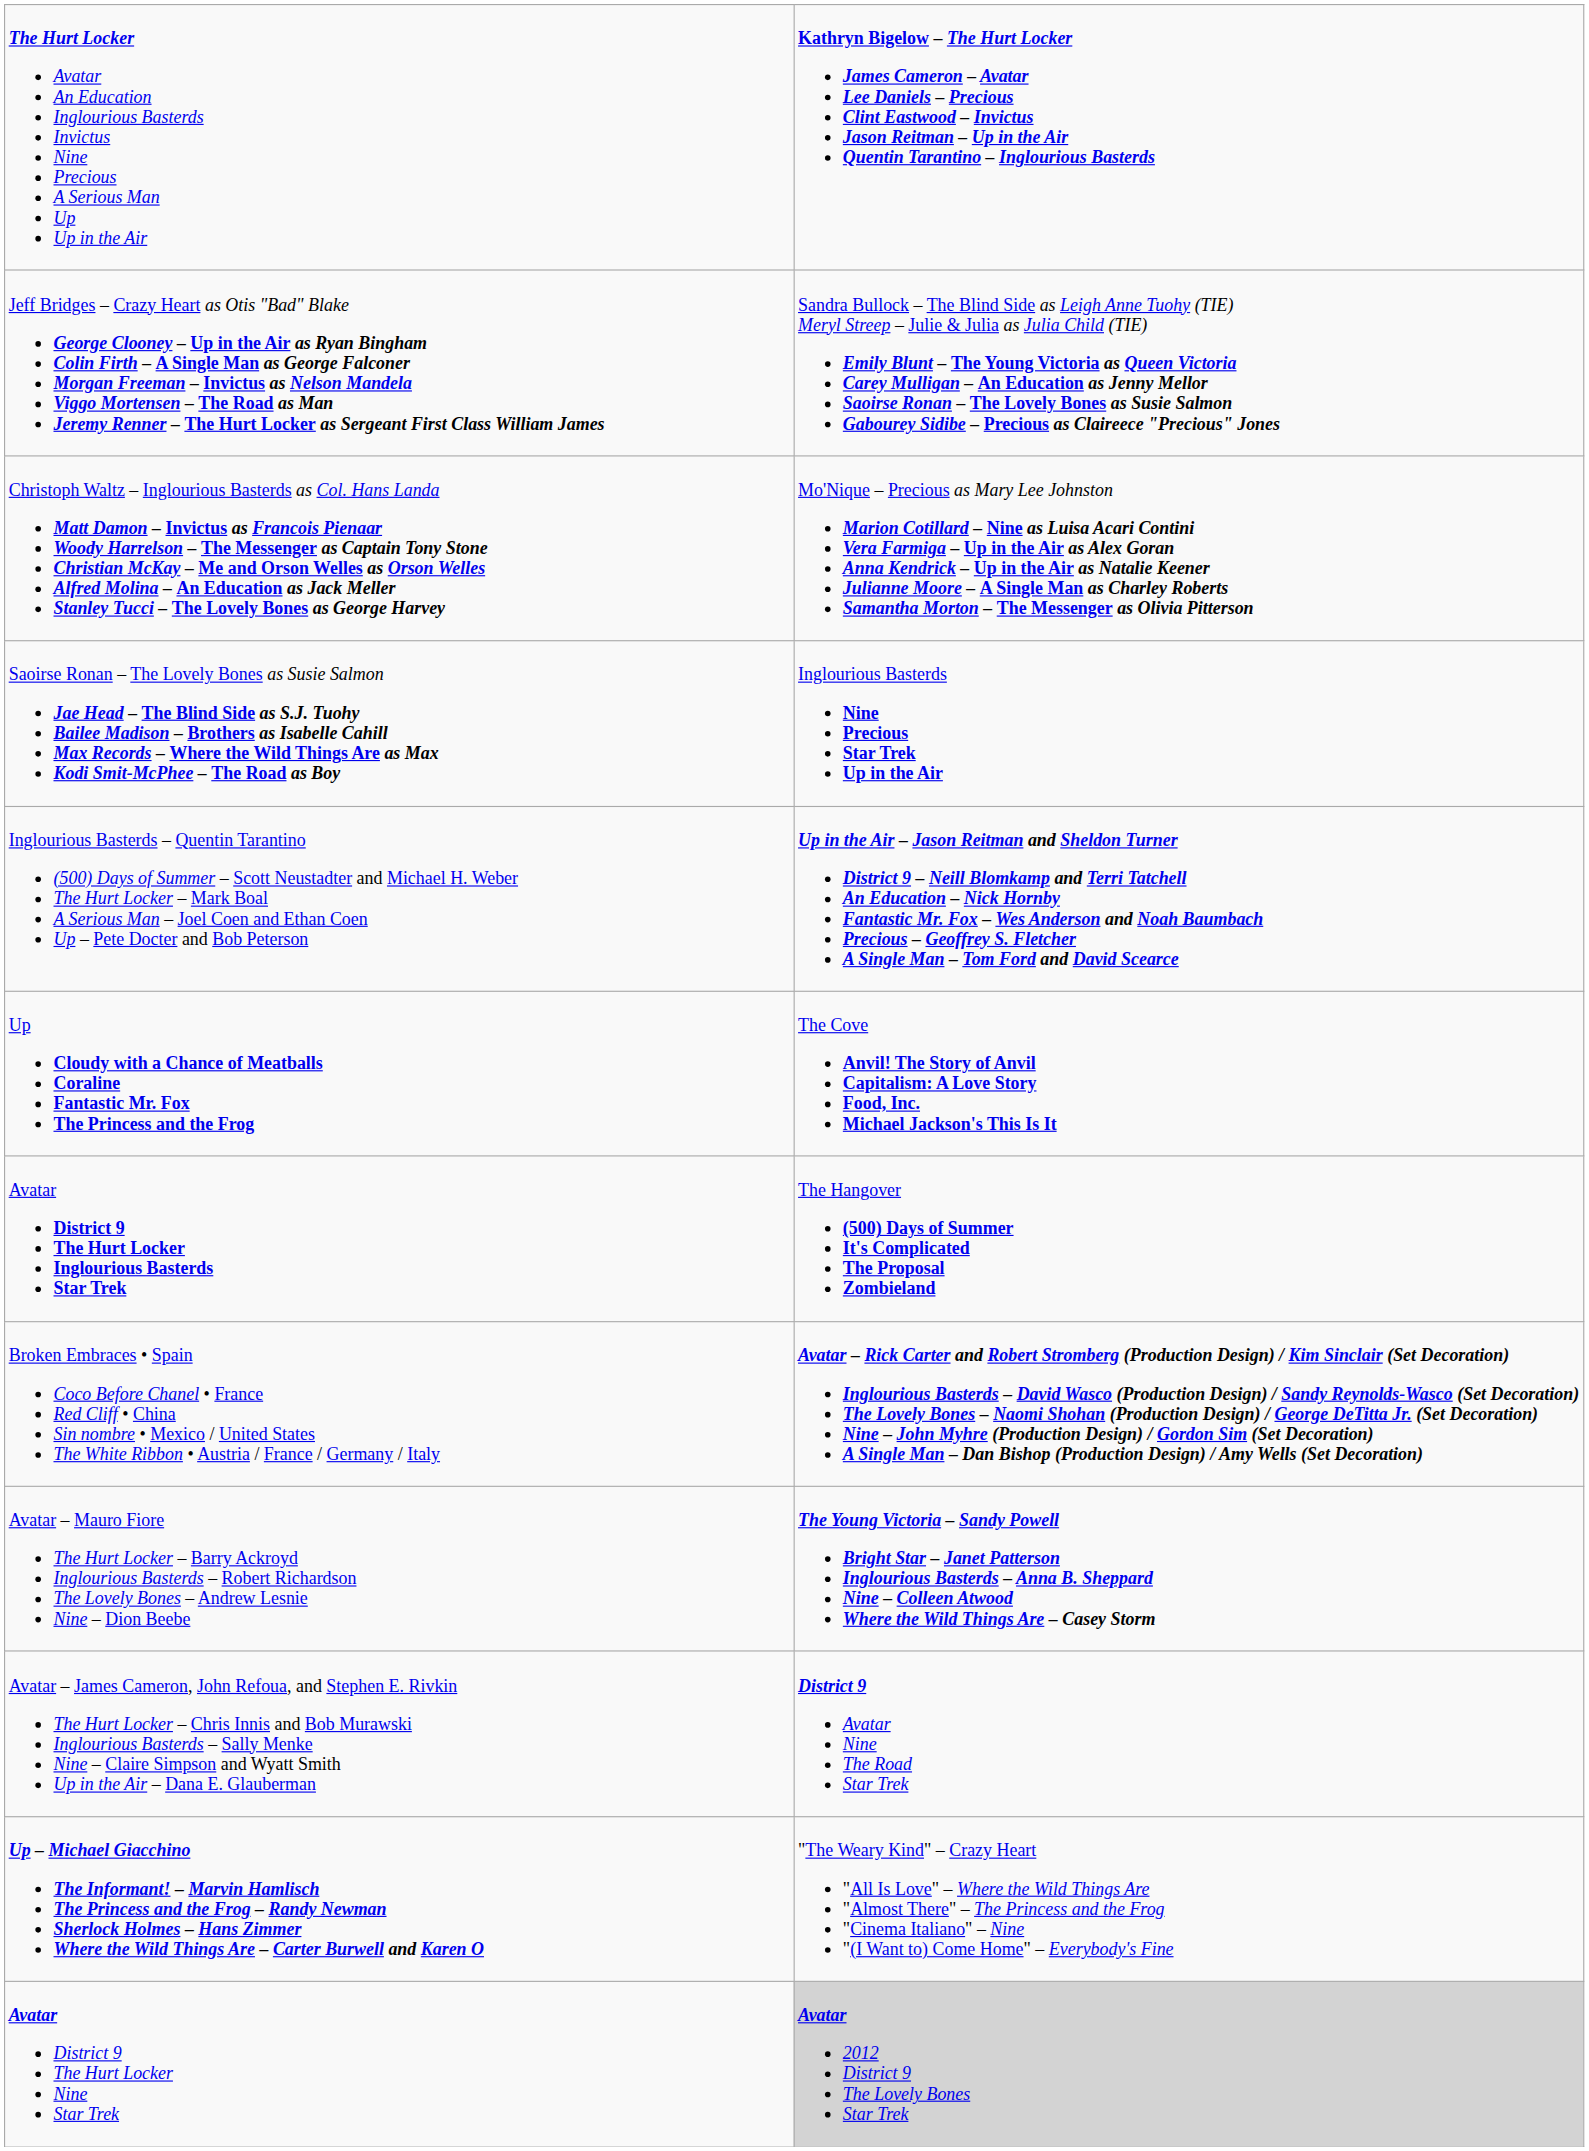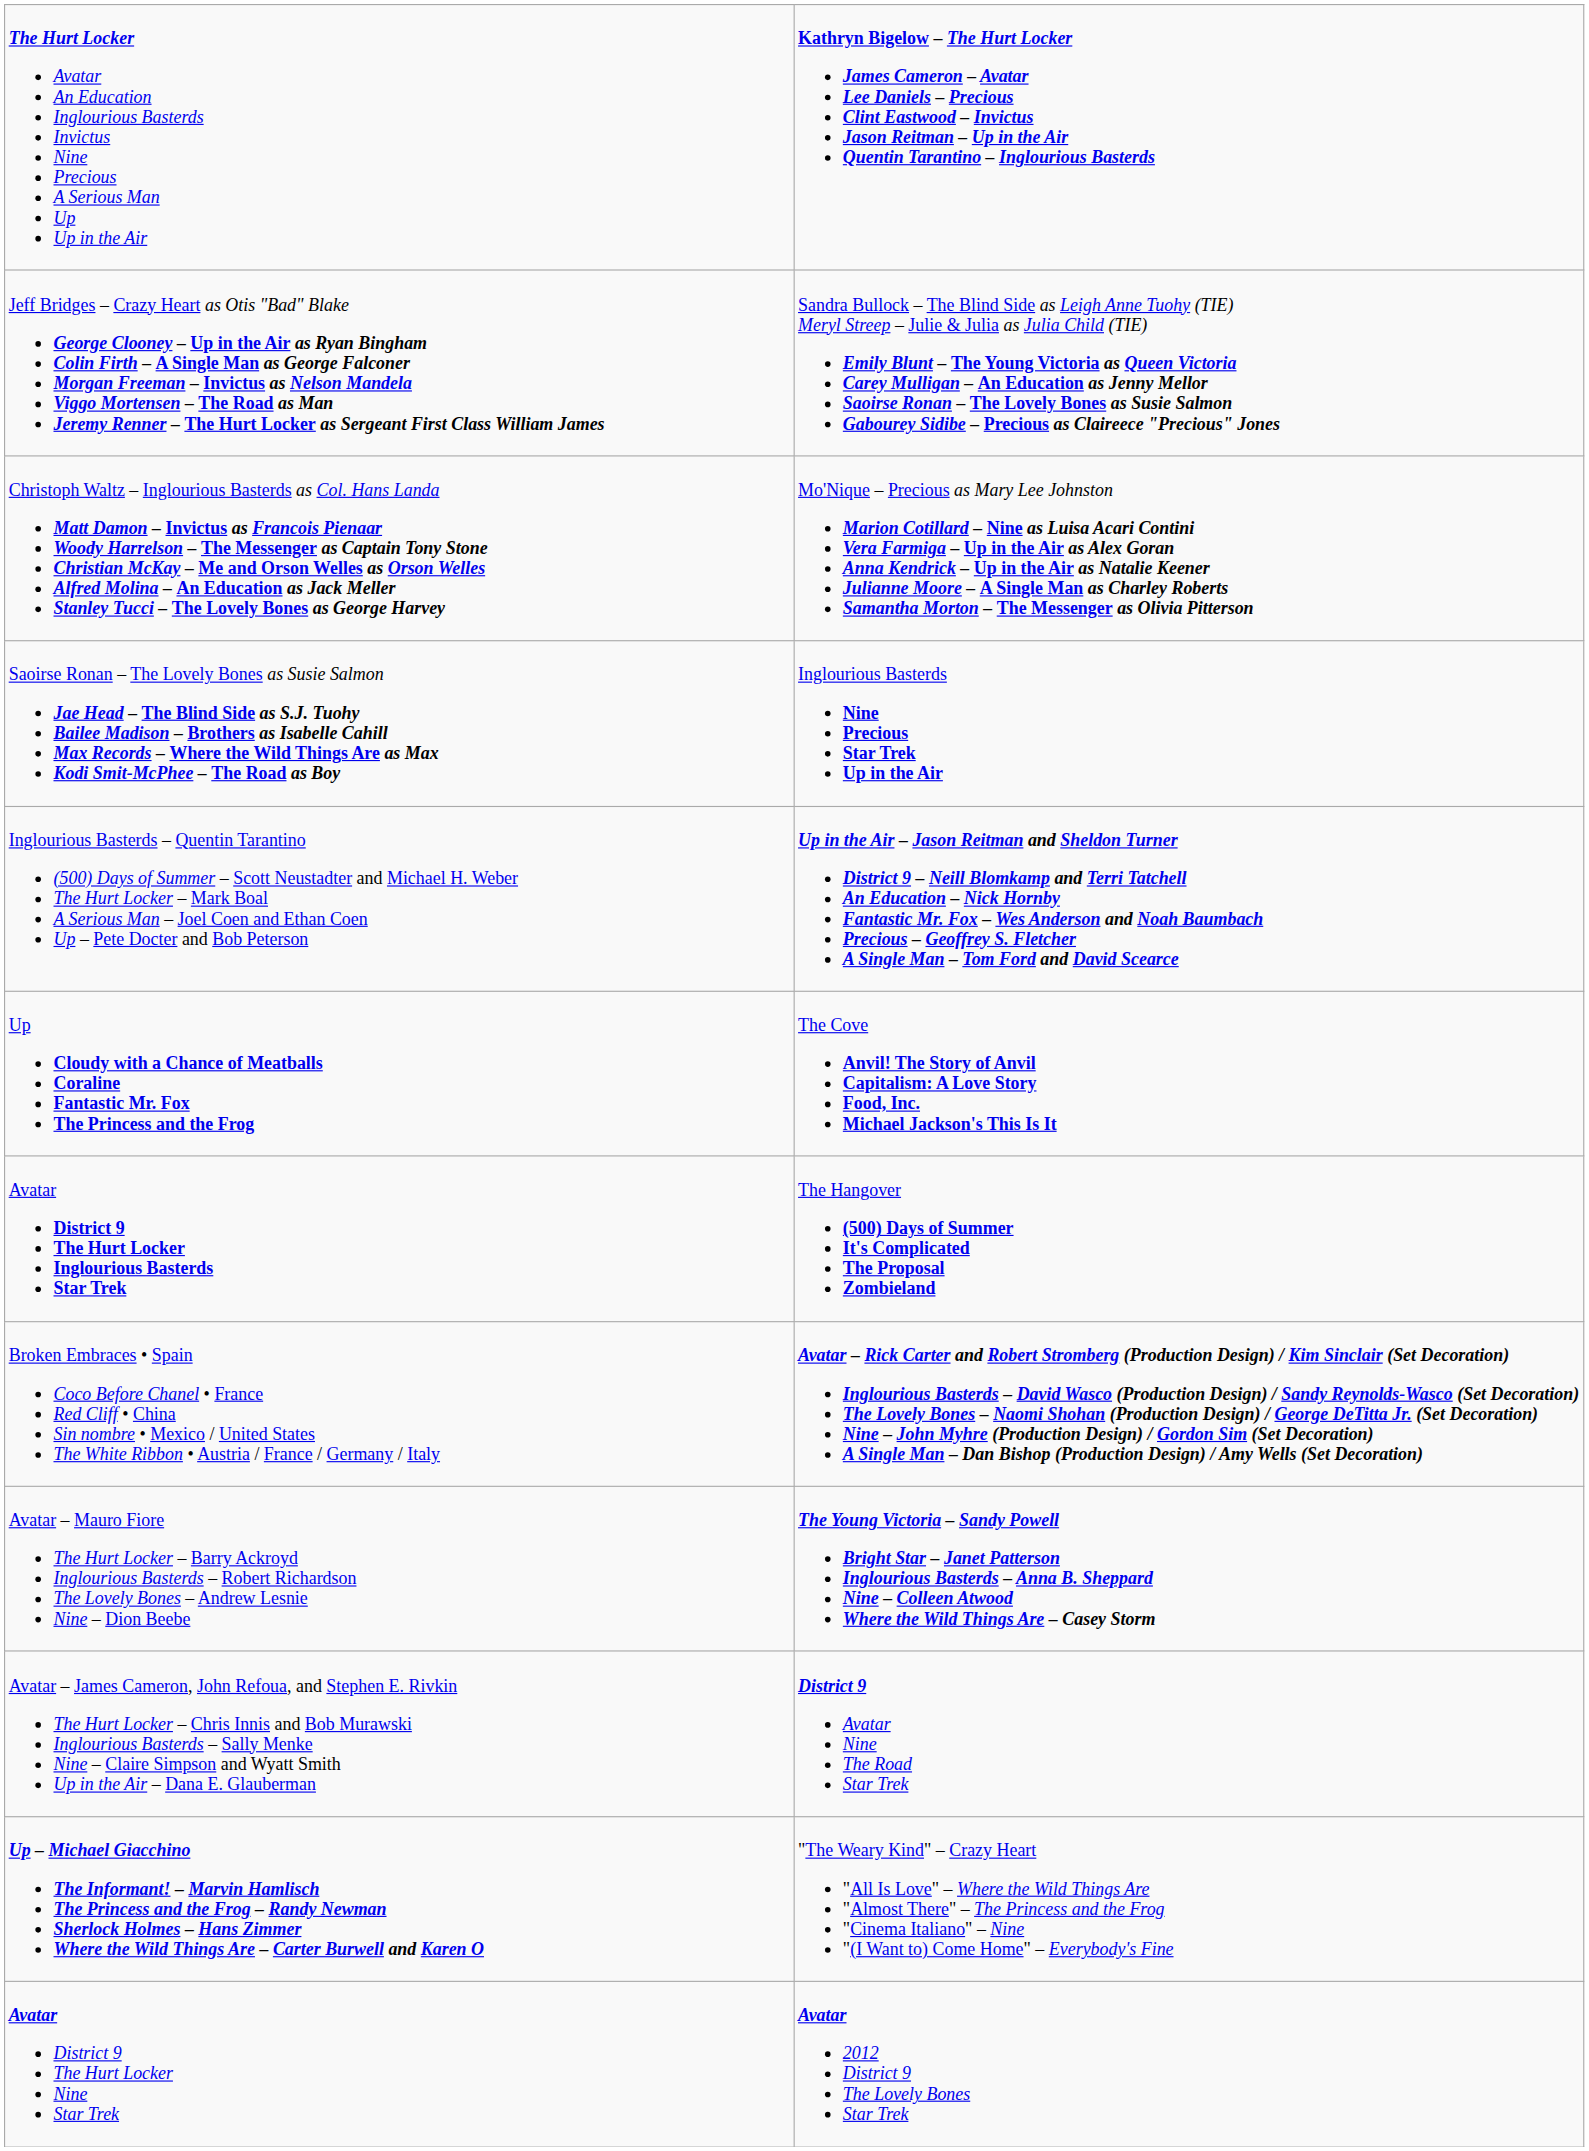 <table class=wikitable>
 <tr>
 <td valign="top" width="50%"><br><strong><em><a href='#'>The Hurt Locker</a></em></strong><ul><li><em><a href='#'>Avatar</a></em></li><li><em><a href='#'>An Education</a></em></li><li><em><a href='#'>Inglourious Basterds</a></em></li><li><em><a href='#'>Invictus</a></em></li><li><em><a href='#'>Nine</a></em></li><li><em><a href='#'>Precious</a></em></li><li><em><a href='#'>A Serious Man</a></em></li><li><em><a href='#'>Up</a></em></li><li><em><a href='#'>Up in the Air</a></em></li></ul></td>
 <td valign="top" width="50%"><br><strong><a href='#'>Kathryn Bigelow</a> – <em><a href='#'>The Hurt Locker</a><strong><em><ul><li><a href='#'>James Cameron</a> – </em><a href='#'>Avatar</a><em></li><li><a href='#'>Lee Daniels</a> – </em><a href='#'>Precious</a><em></li><li><a href='#'>Clint Eastwood</a> – </em><a href='#'>Invictus</a><em></li><li><a href='#'>Jason Reitman</a> – </em><a href='#'>Up in the Air</a><em></li><li><a href='#'>Quentin Tarantino</a> – </em><a href='#'>Inglourious Basterds</a><em></li></ul></td>
 </tr>
 <tr>
 <td valign="top" width="50%"><br></strong><a href='#'>Jeff Bridges</a> – </em><a href='#'>Crazy Heart</a><em> as Otis "Bad" Blake<strong><ul><li><a href='#'>George Clooney</a> – </em><a href='#'>Up in the Air</a><em> as Ryan Bingham</li><li><a href='#'>Colin Firth</a> – </em><a href='#'>A Single Man</a><em> as George Falconer</li><li><a href='#'>Morgan Freeman</a> – </em><a href='#'>Invictus</a><em> as <a href='#'>Nelson Mandela</a></li><li><a href='#'>Viggo Mortensen</a> – </em><a href='#'>The Road</a><em> as Man</li><li><a href='#'>Jeremy Renner</a> – </em><a href='#'>The Hurt Locker</a><em> as Sergeant First Class William James</li></ul></td>
 <td valign="top" width="50%"><br></strong><a href='#'>Sandra Bullock</a> – </em><a href='#'>The Blind Side</a><em> as <a href='#'>Leigh Anne Tuohy</a> (TIE)<br><a href='#'>Meryl Streep</a> – </em><a href='#'>Julie & Julia</a><em> as <a href='#'>Julia Child</a> (TIE)<strong><ul><li><a href='#'>Emily Blunt</a> – </em><a href='#'>The Young Victoria</a><em> as <a href='#'>Queen Victoria</a></li><li><a href='#'>Carey Mulligan</a> – </em><a href='#'>An Education</a><em> as Jenny Mellor</li><li><a href='#'>Saoirse Ronan</a> – </em><a href='#'>The Lovely Bones</a><em> as Susie Salmon</li><li><a href='#'>Gabourey Sidibe</a> – </em><a href='#'>Precious</a><em> as Claireece "Precious" Jones</li></ul></td>
 </tr>
 <tr>
 <td valign="top" width="50%"><br></strong><a href='#'>Christoph Waltz</a> – </em><a href='#'>Inglourious Basterds</a><em> as <a href='#'>Col. Hans Landa</a><strong><ul><li><a href='#'>Matt Damon</a> – </em><a href='#'>Invictus</a><em> as <a href='#'>Francois Pienaar</a></li><li><a href='#'>Woody Harrelson</a> – </em><a href='#'>The Messenger</a><em> as Captain Tony Stone</li><li><a href='#'>Christian McKay</a> – </em><a href='#'>Me and Orson Welles</a><em> as <a href='#'>Orson Welles</a></li><li><a href='#'>Alfred Molina</a> – </em><a href='#'>An Education</a><em> as Jack Meller</li><li><a href='#'>Stanley Tucci</a> – </em><a href='#'>The Lovely Bones</a><em> as George Harvey</li></ul></td>
 <td valign="top" width="50%"><br></strong><a href='#'>Mo'Nique</a> – </em><a href='#'>Precious</a><em> as Mary Lee Johnston<strong><ul><li><a href='#'>Marion Cotillard</a> – </em><a href='#'>Nine</a><em> as Luisa Acari Contini</li><li><a href='#'>Vera Farmiga</a> – </em><a href='#'>Up in the Air</a><em> as Alex Goran</li><li><a href='#'>Anna Kendrick</a> – </em><a href='#'>Up in the Air</a><em> as Natalie Keener</li><li><a href='#'>Julianne Moore</a> – </em><a href='#'>A Single Man</a><em> as Charley Roberts</li><li><a href='#'>Samantha Morton</a> – </em><a href='#'>The Messenger</a><em> as Olivia Pitterson</li></ul></td>
 </tr>
 <tr>
 <td valign="top" width="50%"><br></strong><a href='#'>Saoirse Ronan</a> – </em><a href='#'>The Lovely Bones</a><em> as Susie Salmon<strong><ul><li><a href='#'>Jae Head</a> – </em><a href='#'>The Blind Side</a><em> as S.J. Tuohy</li><li><a href='#'>Bailee Madison</a> – </em><a href='#'>Brothers</a><em> as Isabelle Cahill</li><li><a href='#'>Max Records</a> – </em><a href='#'>Where the Wild Things Are</a><em> as Max</li><li><a href='#'>Kodi Smit-McPhee</a> – </em><a href='#'>The Road</a><em> as Boy</li></ul></td>
 <td valign="top" width="50%"><br></em></strong><a href='#'>Inglourious Basterds</a><strong><em><ul><li></em><a href='#'>Nine</a><em></li><li></em><a href='#'>Precious</a><em></li><li></em><a href='#'>Star Trek</a><em></li><li></em><a href='#'>Up in the Air</a><em></li></ul></td>
 </tr>
 <tr>
 <td valign="top" width="50%"><br></em></strong><a href='#'>Inglourious Basterds</a></em> – <a href='#'>Quentin Tarantino</a></strong><ul><li><em><a href='#'>(500) Days of Summer</a></em> – <a href='#'>Scott Neustadter</a> and <a href='#'>Michael H. Weber</a></li><li><em><a href='#'>The Hurt Locker</a></em> – <a href='#'>Mark Boal</a></li><li><em><a href='#'>A Serious Man</a></em> – <a href='#'>Joel Coen and Ethan Coen</a></li><li><em><a href='#'>Up</a></em> – <a href='#'>Pete Docter</a> and <a href='#'>Bob Peterson</a></li></ul></td>
 <td valign="top" width="50%"><br><strong><em><a href='#'>Up in the Air</a><em> – <a href='#'>Jason Reitman</a> and <a href='#'>Sheldon Turner</a><strong><ul><li></em><a href='#'>District 9</a><em> – <a href='#'>Neill Blomkamp</a> and <a href='#'>Terri Tatchell</a></li><li></em><a href='#'>An Education</a><em> – <a href='#'>Nick Hornby</a></li><li></em><a href='#'>Fantastic Mr. Fox</a><em> – <a href='#'>Wes Anderson</a> and <a href='#'>Noah Baumbach</a></li><li></em><a href='#'>Precious</a><em> – <a href='#'>Geoffrey S. Fletcher</a></li><li></em><a href='#'>A Single Man</a><em> – <a href='#'>Tom Ford</a> and <a href='#'>David Scearce</a></li></ul></td>
 </tr>
 <tr>
 <td valign="top" width="50%"><br></em></strong><a href='#'>Up</a><strong><em><ul><li></em><a href='#'>Cloudy with a Chance of Meatballs</a><em></li><li></em><a href='#'>Coraline</a><em></li><li></em><a href='#'>Fantastic Mr. Fox</a><em></li><li></em><a href='#'>The Princess and the Frog</a><em></li></ul></td>
 <td valign="top" width="50%"><br></em></strong><a href='#'>The Cove</a><strong><em><ul><li></em><a href='#'>Anvil! The Story of Anvil</a><em></li><li></em><a href='#'>Capitalism: A Love Story</a><em></li><li></em><a href='#'>Food, Inc.</a><em></li><li></em><a href='#'>Michael Jackson's This Is It</a><em></li></ul></td>
 </tr>
 <tr>
 <td valign="top" width="50%"><br></em></strong><a href='#'>Avatar</a><strong><em><ul><li></em><a href='#'>District 9</a><em></li><li></em><a href='#'>The Hurt Locker</a><em></li><li></em><a href='#'>Inglourious Basterds</a><em></li><li></em><a href='#'>Star Trek</a><em></li></ul></td>
 <td valign="top" width="50%"><br></em></strong><a href='#'>The Hangover</a><strong><em><ul><li></em><a href='#'>(500) Days of Summer</a><em></li><li></em><a href='#'>It's Complicated</a><em></li><li></em><a href='#'>The Proposal</a><em></li><li></em><a href='#'>Zombieland</a><em></li></ul></td>
 </tr>
 <tr>
 <td valign="top" width="50%"><br></em></strong><a href='#'>Broken Embraces</a></em> • <a href='#'>Spain</a></strong><ul><li><em><a href='#'>Coco Before Chanel</a></em> • <a href='#'>France</a></li><li><em><a href='#'>Red Cliff</a></em> • <a href='#'>China</a></li><li><em><a href='#'>Sin nombre</a></em> • <a href='#'>Mexico</a> / <a href='#'>United States</a></li><li><em><a href='#'>The White Ribbon</a></em> • <a href='#'>Austria</a> / <a href='#'>France</a> / <a href='#'>Germany</a> / <a href='#'>Italy</a></li></ul></td>
 <td valign="top" width="50%"><br><strong><em><a href='#'>Avatar</a><em> – <a href='#'>Rick Carter</a> and <a href='#'>Robert Stromberg</a> (Production Design) / <a href='#'>Kim Sinclair</a> (Set Decoration)<strong><ul><li></em><a href='#'>Inglourious Basterds</a><em> – <a href='#'>David Wasco</a> (Production Design) / <a href='#'>Sandy Reynolds-Wasco</a> (Set Decoration)</li><li></em><a href='#'>The Lovely Bones</a><em> – <a href='#'>Naomi Shohan</a> (Production Design) / <a href='#'>George DeTitta Jr.</a> (Set Decoration)</li><li></em><a href='#'>Nine</a><em> – <a href='#'>John Myhre</a> (Production Design) / <a href='#'>Gordon Sim</a> (Set Decoration)</li><li></em><a href='#'>A Single Man</a><em> – Dan Bishop (Production Design) / Amy Wells (Set Decoration)</li></ul></td>
 </tr>
 <tr>
 <td valign="top" width="50%"><br></em></strong><a href='#'>Avatar</a></em> – <a href='#'>Mauro Fiore</a></strong><ul><li><em><a href='#'>The Hurt Locker</a></em> – <a href='#'>Barry Ackroyd</a></li><li><em><a href='#'>Inglourious Basterds</a></em> – <a href='#'>Robert Richardson</a></li><li><em><a href='#'>The Lovely Bones</a></em> – <a href='#'>Andrew Lesnie</a></li><li><em><a href='#'>Nine</a></em> – <a href='#'>Dion Beebe</a></li></ul></td>
 <td valign="top" width="50%"><br><strong><em><a href='#'>The Young Victoria</a><em> – <a href='#'>Sandy Powell</a><strong><ul><li></em><a href='#'>Bright Star</a><em> – <a href='#'>Janet Patterson</a></li><li></em><a href='#'>Inglourious Basterds</a><em> – <a href='#'>Anna B. Sheppard</a></li><li></em><a href='#'>Nine</a><em> – <a href='#'>Colleen Atwood</a></li><li></em><a href='#'>Where the Wild Things Are</a><em> – Casey Storm</li></ul></td>
 </tr>
 <tr>
 <td valign="top" width="50%"><br></em></strong><a href='#'>Avatar</a></em> – <a href='#'>James Cameron</a>, <a href='#'>John Refoua</a>, and <a href='#'>Stephen E. Rivkin</a></strong><ul><li><em><a href='#'>The Hurt Locker</a></em> – <a href='#'>Chris Innis</a> and <a href='#'>Bob Murawski</a></li><li><em><a href='#'>Inglourious Basterds</a></em> – <a href='#'>Sally Menke</a></li><li><em><a href='#'>Nine</a></em> – <a href='#'>Claire Simpson</a> and Wyatt Smith</li><li><em><a href='#'>Up in the Air</a></em> – <a href='#'>Dana E. Glauberman</a></li></ul></td>
 <td valign="top" width="50%"><br><strong><em><a href='#'>District 9</a></em></strong><ul><li><em><a href='#'>Avatar</a></em></li><li><em><a href='#'>Nine</a></em></li><li><em><a href='#'>The Road</a></em></li><li><em><a href='#'>Star Trek</a></em></li></ul></td>
 </tr>
 <tr>
 <td valign="top" width="50%"><br><strong><em><a href='#'>Up</a><em> – <a href='#'>Michael Giacchino</a><strong><ul><li></em><a href='#'>The Informant!</a><em> – <a href='#'>Marvin Hamlisch</a></li><li></em><a href='#'>The Princess and the Frog</a><em> – <a href='#'>Randy Newman</a></li><li></em><a href='#'>Sherlock Holmes</a><em> – <a href='#'>Hans Zimmer</a></li><li></em><a href='#'>Where the Wild Things Are</a><em> – <a href='#'>Carter Burwell</a> and <a href='#'>Karen O</a></li></ul></td>
 <td valign="top" width="50%"><br></strong>"<a href='#'>The Weary Kind</a>" – </em><a href='#'>Crazy Heart</a></em></strong><ul><li>"<a href='#'>All Is Love</a>" – <em><a href='#'>Where the Wild Things Are</a></em></li><li>"<a href='#'>Almost There</a>" – <em><a href='#'>The Princess and the Frog</a></em></li><li>"<a href='#'>Cinema Italiano</a>" – <em><a href='#'>Nine</a></em></li><li>"<a href='#'>(I Want to) Come Home</a>" – <em><a href='#'>Everybody's Fine</a></em></li></ul></td>
 </tr>
 <tr>
 <td valign="top" width="50%"><br><strong><em><a href='#'>Avatar</a></em></strong><ul><li><em><a href='#'>District 9</a></em></li><li><em><a href='#'>The Hurt Locker</a></em></li><li><em><a href='#'>Nine</a></em></li><li><em><a href='#'>Star Trek</a></em></li></ul></td>
-<td valign="top" width="50%" style="background: lightgrey;"><br><strong><em><a href='#'>Avatar</a></em></strong><ul><li><em><a href='#'>2012</a></em></li><li><em><a href='#'>District 9</a></em></li><li><em><a href='#'>The Lovely Bones</a></em></li><li><em><a href='#'>Star Trek</a></em></li></ul></td>
+<td valign="top" width="50%"><br><strong><em><a href='#'>Avatar</a></em></strong><ul><li><em><a href='#'>2012</a></em></li><li><em><a href='#'>District 9</a></em></li><li><em><a href='#'>The Lovely Bones</a></em></li><li><em><a href='#'>Star Trek</a></em></li></ul></td>
 </tr>
 </table>
